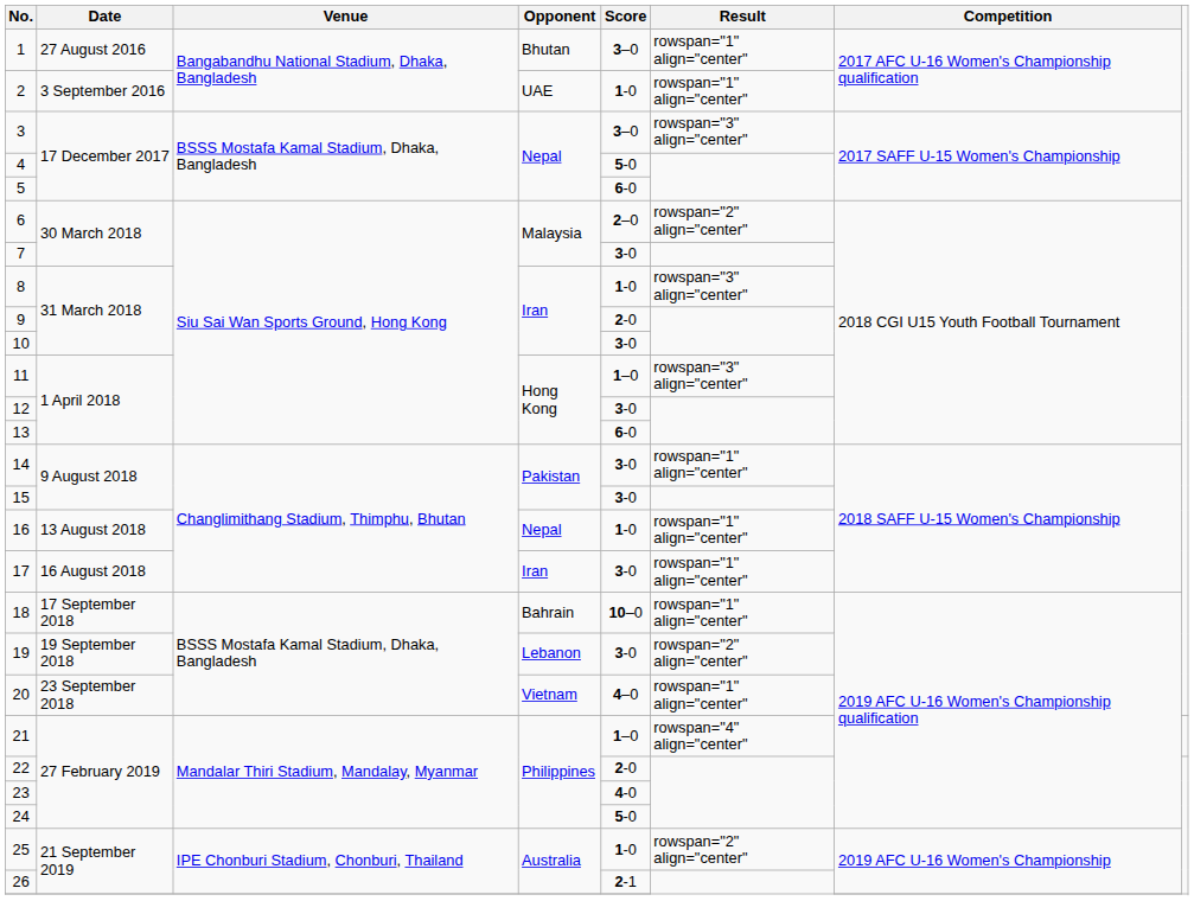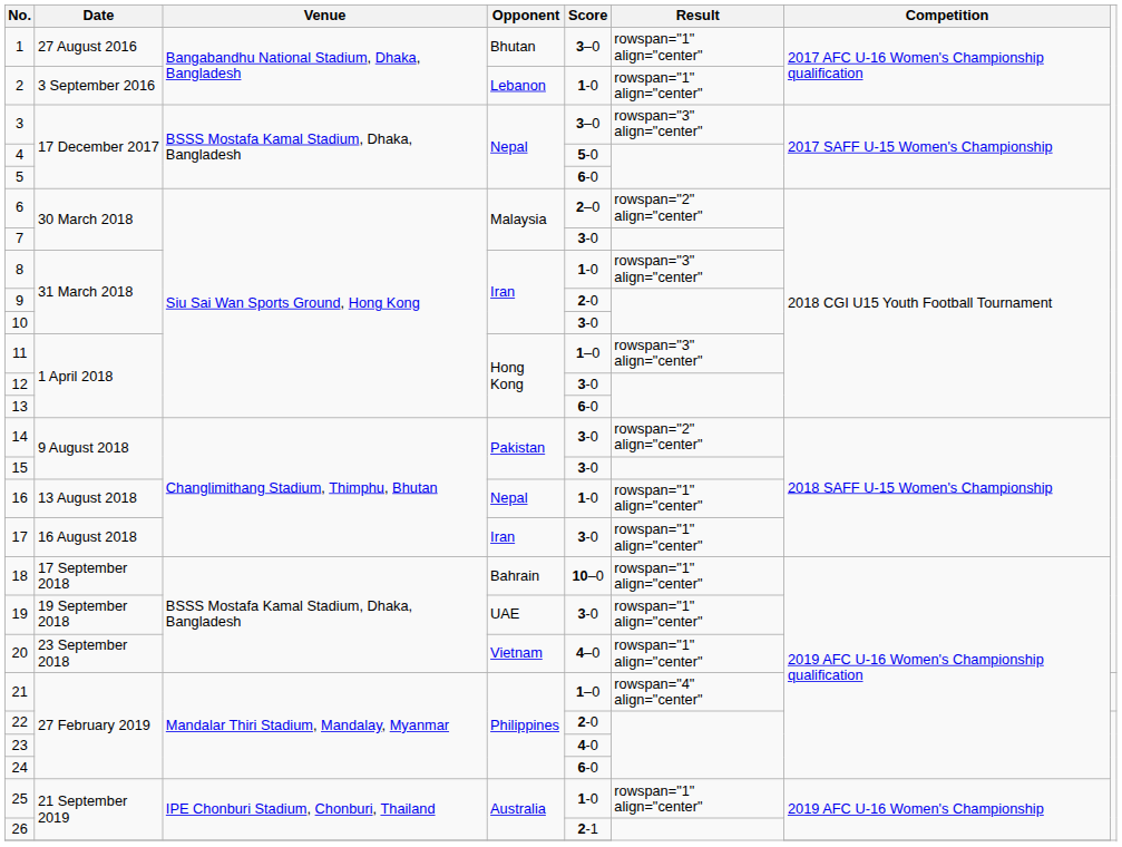 <table class="wikitable">
 <tr>
 <th>No.</th>
 <th>Date</th>
 <th>Venue</th>
 <th>Opponent</th>
 <th>Score</th>
 <th>Result</th>
 <th>Competition</th>
 </tr>
 <tr>
 <td align=center>1</td>
 <td rowspan="1">27 August 2016</td>
 <td rowspan="2"><a href='#'>Bangabandhu National Stadium</a>, <a href='#'>Dhaka</a>, <a href='#'>Bangladesh</a></td>
 <td rowspan="1">Bhutan</td>
 <td align=center><strong>3</strong>–0</td>
 <td>rowspan="1" align="center" </td>
 <td rowspan="2"><a href='#'>2017 AFC U-16 Women's Championship qualification</a></td>
 </tr>
 <tr>
 <td align=center>2</td>
 <td rowspan="1">3 September 2016</td>
-<td rowspan="1">UAE</td>
+<td rowspan="1"><a href='#'>Lebanon</a></td>
 <td align=center><strong>1</strong>-0</td>
 <td>rowspan="1" align="center" </td>
 </tr>
 <tr>
 <td align=center>3</td>
 <td rowspan="3">17 December 2017</td>
 <td rowspan="3"><a href='#'>BSSS Mostafa Kamal Stadium</a>, Dhaka, Bangladesh</td>
 <td rowspan="3"><a href='#'>Nepal</a></td>
 <td align=center><strong>3</strong>–0</td>
 <td>rowspan="3" align="center" </td>
 <td rowspan="3"><a href='#'>2017 SAFF U-15 Women's Championship</a></td>
 </tr>
 <tr>
 <td align=center>4</td>
 <td align=center><strong>5</strong>-0</td>
 </tr>
 <tr>
 <td align=center>5</td>
 <td align=center><strong>6</strong>-0</td>
 </tr>
 <tr>
 <td align=center>6</td>
 <td rowspan="2">30 March 2018</td>
 <td rowspan="8"><a href='#'>Siu Sai Wan Sports Ground</a>, <a href='#'>Hong Kong</a></td>
 <td rowspan="2">Malaysia</td>
 <td align=center><strong>2</strong>–0</td>
 <td>rowspan="2" align="center" </td>
 <td rowspan="8">2018 CGI U15 Youth Football Tournament</td>
 </tr>
 <tr>
 <td align=center>7</td>
 <td align=center><strong>3</strong>-0</td>
 </tr>
 <tr>
 <td align=center>8</td>
 <td rowspan="3">31 March 2018</td>
 <td rowspan="3"><a href='#'>Iran</a></td>
 <td align=center><strong>1</strong>-0</td>
 <td>rowspan="3" align="center" </td>
 </tr>
 <tr>
 <td align=center>9</td>
 <td align=center><strong>2</strong>-0</td>
 </tr>
 <tr>
 <td align=center>10</td>
 <td align=center><strong>3</strong>-0</td>
 </tr>
 <tr>
 <td align=center>11</td>
 <td rowspan="3">1 April 2018</td>
 <td rowspan="3">Hong Kong</td>
 <td align=center><strong>1</strong>–0</td>
 <td>rowspan="3" align="center" </td>
 </tr>
 <tr>
 <td align=center>12</td>
 <td align=center><strong>3</strong>-0</td>
 </tr>
 <tr>
 <td align=center>13</td>
 <td align=center><strong>6</strong>-0</td>
 </tr>
 <tr>
 <td align=center>14</td>
 <td rowspan="2">9 August 2018</td>
 <td rowspan="4"><a href='#'>Changlimithang Stadium</a>, <a href='#'>Thimphu</a>, <a href='#'>Bhutan</a></td>
 <td rowspan="2"><a href='#'>Pakistan</a></td>
 <td align=center><strong>3</strong>-0</td>
-<td>rowspan="1" align="center" </td>
+<td>rowspan="2" align="center" </td>
 <td rowspan="4"><a href='#'>2018 SAFF U-15 Women's Championship</a></td>
 </tr>
 <tr>
 <td align=center>15</td>
 <td align=center><strong>3</strong>-0</td>
 </tr>
 <tr>
 <td align=center>16</td>
 <td rowspan="1">13 August 2018</td>
 <td rowspan="1"><a href='#'>Nepal</a></td>
 <td align=center><strong>1</strong>-0</td>
 <td>rowspan="1" align="center" </td>
 </tr>
 <tr>
 <td align=center>17</td>
 <td rowspan="1">16 August 2018</td>
 <td rowspan="1"><a href='#'>Iran</a></td>
 <td align=center><strong>3</strong>-0</td>
 <td>rowspan="1" align="center" </td>
 </tr>
 <tr>
 <td align=center>18</td>
 <td rowspan="1">17 September 2018</td>
 <td rowspan="3">BSSS Mostafa Kamal Stadium, Dhaka, Bangladesh</td>
 <td rowspan="1">Bahrain</td>
 <td align=center><strong>10</strong>–0</td>
 <td>rowspan="1" align="center" </td>
 <td rowspan="7"><a href='#'>2019 AFC U-16 Women's Championship qualification</a></td>
 </tr>
 <tr>
 <td align=center>19</td>
 <td rowspan="1">19 September 2018</td>
-<td rowspan="1"><a href='#'>Lebanon</a></td>
+<td rowspan="1">UAE</td>
 <td align=center><strong>3</strong>-0</td>
-<td>rowspan="2" align="center" </td>
+<td>rowspan="1" align="center" </td>
 </tr>
 <tr>
 <td align=center>20</td>
 <td rowspan="1">23 September 2018</td>
 <td rowspan="1"><a href='#'>Vietnam</a></td>
 <td align=center><strong>4</strong>–0</td>
 <td>rowspan="1" align="center" </td>
 </tr>
 <tr>
 <td align=center>21</td>
 <td rowspan="4">27 February 2019</td>
 <td rowspan="4"><a href='#'>Mandalar Thiri Stadium</a>, <a href='#'>Mandalay</a>, <a href='#'>Myanmar</a></td>
 <td rowspan="4"><a href='#'>Philippines</a></td>
 <td align=center><strong>1</strong>–0</td>
 <td>rowspan="4" align="center" </td>
 <td></td>
 </tr>
 <tr>
 <td align=center>22</td>
 <td align=center><strong>2</strong>-0</td>
 </tr>
 <tr>
 <td align=center>23</td>
 <td align=center><strong>4</strong>-0</td>
 </tr>
 <tr>
 <td align=center>24</td>
-<td align=center><strong>5</strong>-0</td>
+<td align=center><strong>6</strong>-0</td>
 </tr>
 <tr>
 <td align=center>25</td>
 <td rowspan="2">21 September 2019</td>
 <td rowspan="2"><a href='#'>IPE Chonburi Stadium</a>, <a href='#'>Chonburi</a>, <a href='#'>Thailand</a></td>
 <td rowspan="2"><a href='#'>Australia</a></td>
 <td align=center><strong>1</strong>-0</td>
-<td>rowspan="2" align="center" </td>
+<td>rowspan="1" align="center" </td>
 <td rowspan="2"><a href='#'>2019 AFC U-16 Women's Championship</a></td>
 </tr>
 <tr>
 <td align=center>26</td>
 <td align=center><strong>2</strong>-1</td>
 </tr>
 <tr>
 </tr>
 </table>
